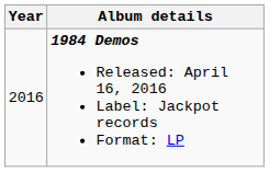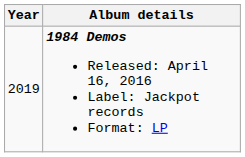 <table class ="wikitable" border="1">
 <tr>
 <th>Year</th>
 <th width="185">Album details</th>
 </tr>
 <tr>
-<td>2016</td>
+<td>2019</td>
 <td><strong><em>1984 Demos</em></strong><br><ul><li>Released: April 16, 2016</li><li>Label: Jackpot records</li><li>Format: <a href='#'>LP</a></li></ul></td>
 </tr>
 </table>
